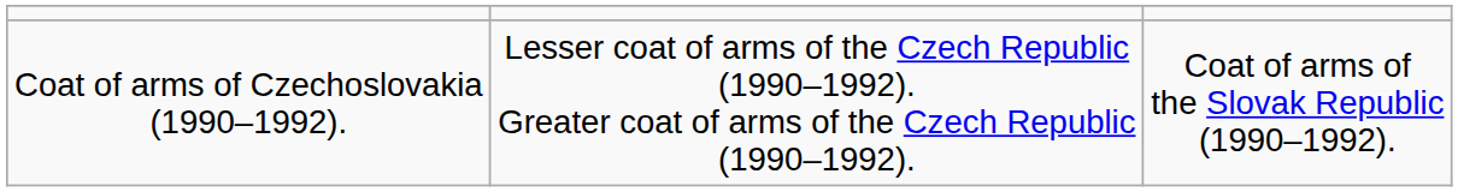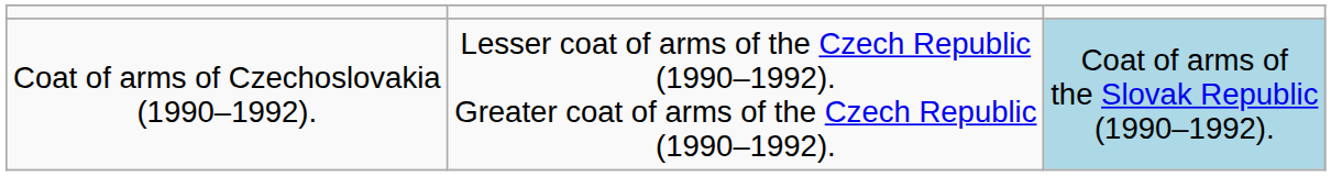 <table class="wikitable" style="margin:1em auto; text-align:center;">
 <tr>
 <td></td>
 <td> </td>
 <td></td>
 </tr>
 <tr>
 <td>Coat of arms of Czechoslovakia<br>(1990–1992).</td>
 <td>Lesser coat of arms of the <a href='#'>Czech Republic</a><br>(1990–1992).<br>Greater coat of arms of the <a href='#'>Czech Republic</a><br>(1990–1992).</td>
-<td>Coat of arms of<br>the <a href='#'>Slovak Republic</a><br>(1990–1992).</td>
+<td style="background: lightblue;">Coat of arms of<br>the <a href='#'>Slovak Republic</a><br>(1990–1992).</td>
 </tr>
 </table>
